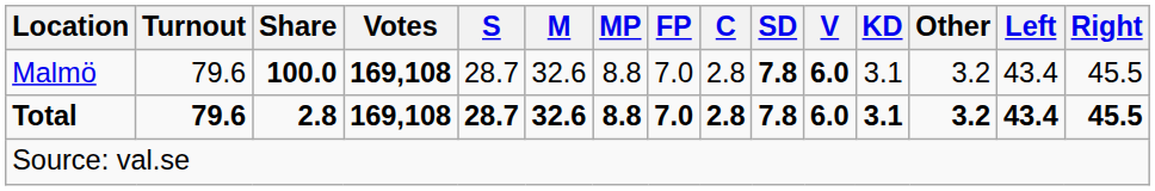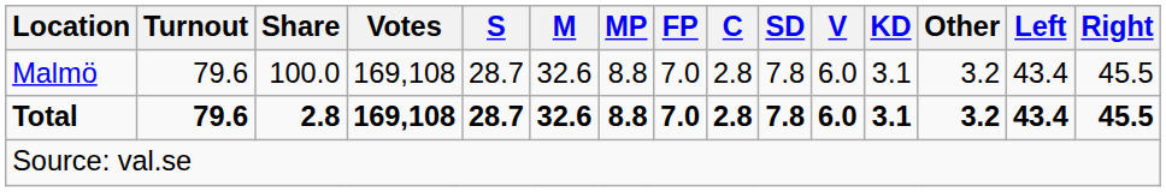 <table class="wikitable sortable" style=text-align:right>
 <tr>
 <th>Location</th>
 <th>Turnout</th>
 <th>Share</th>
 <th>Votes</th>
 <th><a href='#'>S</a></th>
 <th><a href='#'>M</a></th>
 <th><a href='#'>MP</a></th>
 <th><a href='#'>FP</a></th>
 <th><a href='#'>C</a></th>
 <th><a href='#'>SD</a></th>
 <th><a href='#'>V</a></th>
 <th><a href='#'>KD</a></th>
 <th>Other</th>
 <th><a href='#'>Left</a></th>
 <th><a href='#'>Right</a></th>
 </tr>
 <tr>
 <td align=left><a href='#'>Malmö</a></td>
 <td>79.6</td>
-<td><strong>100.0</strong></td>
-<td><strong>169,108</strong></td>
+<td>100.0</td>
+<td>169,108</td>
 <td>28.7</td>
 <td>32.6</td>
 <td>8.8</td>
 <td>7.0</td>
 <td>2.8</td>
-<td><strong>7.8</strong></td>
-<td><strong>6.0</strong></td>
+<td>7.8</td>
+<td>6.0</td>
 <td>3.1</td>
 <td>3.2</td>
 <td>43.4</td>
 <td>45.5</td>
 </tr>
 <tr>
 <td align=left><strong>Total</strong></td>
 <td><strong>79.6</strong></td>
 <td><strong>2.8</strong></td>
 <td><strong>169,108</strong></td>
 <td><strong>28.7</strong></td>
 <td><strong>32.6</strong></td>
 <td><strong>8.8</strong></td>
 <td><strong>7.0</strong></td>
 <td><strong>2.8</strong></td>
 <td><strong>7.8</strong></td>
 <td><strong>6.0</strong></td>
 <td><strong>3.1</strong></td>
 <td><strong>3.2</strong></td>
 <td><strong>43.4</strong></td>
 <td><strong>45.5</strong></td>
 </tr>
 <tr>
 <td align=left colspan=15>Source: val.se </td>
 </tr>
 </table>
